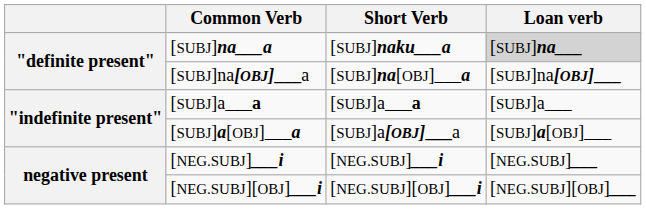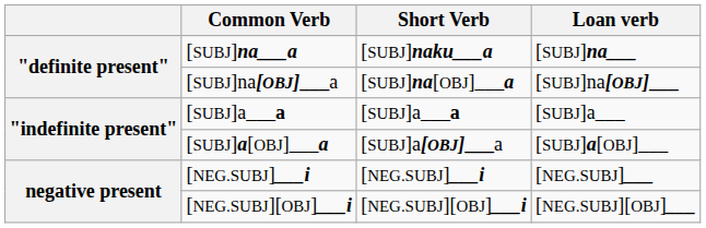 <table class="wikitable">
 <tr>
 <th></th>
 <th>Common Verb</th>
 <th>Short Verb</th>
 <th>Loan verb</th>
 </tr>
 <tr>
 <th rowspan="2">"definite present"</th>
 <td>[<small>SUBJ</small>]<strong><em>na<strong>___</strong>a</em></strong></td>
 <td>[<small>SUBJ</small>]<strong><em>naku<strong>___</strong>a</em></strong></td>
-<td style="background: lightgrey;">[<small>SUBJ</small>]<strong><em>na<strong>___<em></td>
+<td>[<small>SUBJ</small>]<strong><em>na<strong>___<em></td>
 </tr>
 <tr>
 <td>[<small>SUBJ</small>]</em></strong>na<strong><em>[<small>OBJ</small>]</em>___</strong>a</em></strong></td>
 <td>[<small>SUBJ</small>]<strong><em>na</em></strong>[<small>OBJ</small>]<em>___<strong>a<strong><em></td>
 <td>[<small>SUBJ</small>]</em></strong>na<strong><em>[<small>OBJ</small>]</em>___<em></td>
 </tr>
 <tr>
 <th rowspan="2">"indefinite present"<br></th>
 <td>[<small>SUBJ</small>]</em></strong>a</strong>___<strong>a<strong><em></td>
 <td>[<small>SUBJ</small>]</em></strong>a</strong>___<strong>a<strong><em></td>
 <td>[<small>SUBJ</small>]</em></strong>a</strong>___</em></td>
 </tr>
 <tr>
 <td>[<small>SUBJ</small>]<strong><em>a</em></strong>[<small>OBJ</small>]<em>___<strong>a<strong><em></td>
 <td>[<small>SUBJ</small>]</em></strong>a<strong><em>[<small>OBJ</small>]</em>___</strong>a</em></strong></td>
 <td>[<small>SUBJ</small>]<strong><em>a</em></strong>[<small>OBJ</small>]<em>___</em></td>
 </tr>
 <tr>
 <th rowspan="2">negative present</th>
 <td>[<small>NEG.SUBJ</small>]<strong><em>___i</em></strong></td>
 <td>[<small>NEG.SUBJ</small>]<strong><em>___i</em></strong></td>
 <td>[<small>NEG.SUBJ</small>]<strong><em>___</em></strong></td>
 </tr>
 <tr>
 <td>[<small>NEG.SUBJ</small>][<small>OBJ</small>]<strong><em>___i</em></strong></td>
 <td>[<small>NEG.SUBJ</small>][<small>OBJ</small>]<strong><em>___i</em></strong></td>
 <td>[<small>NEG.SUBJ</small>][<small>OBJ</small>]<strong><em>___</em></strong></td>
 </tr>
 </table>
